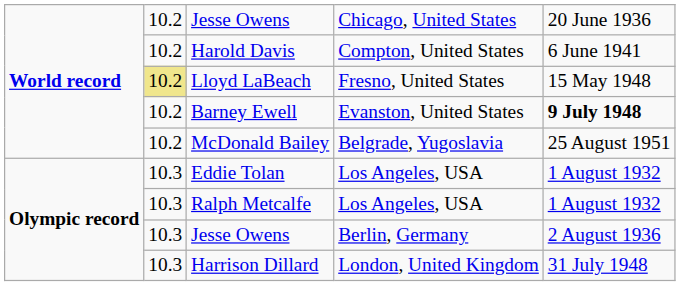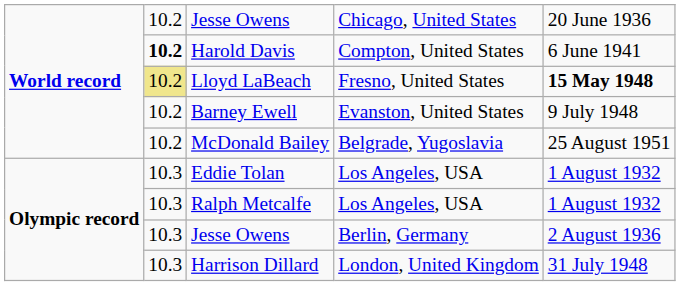 <table class="wikitable">
 <tr>
 <td rowspan=5><strong><a href='#'>World record</a></strong></td>
 <td align=center>10.2</td>
 <td> <a href='#'>Jesse Owens</a></td>
 <td><a href='#'>Chicago</a>, <a href='#'>United States</a></td>
 <td>20 June 1936</td>
 </tr>
 <tr>
-<td align=center>10.2</td>
+<td align=center><strong>10.2</strong></td>
 <td> <a href='#'>Harold Davis</a></td>
 <td><a href='#'>Compton</a>, United States</td>
 <td>6 June 1941</td>
 </tr>
 <tr>
 <td align=center style="background: khaki;">10.2</td>
 <td> <a href='#'>Lloyd LaBeach</a></td>
 <td><a href='#'>Fresno</a>, United States</td>
-<td>15 May 1948</td>
+<td><strong>15 May 1948</strong></td>
 </tr>
 <tr>
 <td align=center>10.2</td>
 <td> <a href='#'>Barney Ewell</a></td>
 <td><a href='#'>Evanston</a>, United States</td>
-<td><strong>9 July 1948</strong></td>
+<td>9 July 1948</td>
 </tr>
 <tr>
 <td align=center>10.2</td>
 <td> <a href='#'>McDonald Bailey</a></td>
 <td><a href='#'>Belgrade</a>, <a href='#'>Yugoslavia</a></td>
 <td>25 August 1951</td>
 </tr>
 <tr>
 <td rowspan=4><strong>Olympic record</strong></td>
 <td align=center>10.3</td>
 <td> <a href='#'>Eddie Tolan</a></td>
 <td><a href='#'>Los Angeles</a>, USA</td>
 <td><a href='#'>1 August 1932</a></td>
 </tr>
 <tr>
 <td align=center>10.3</td>
 <td> <a href='#'>Ralph Metcalfe</a></td>
 <td><a href='#'>Los Angeles</a>, USA</td>
 <td><a href='#'>1 August 1932</a></td>
 </tr>
 <tr>
 <td align=center>10.3</td>
 <td> <a href='#'>Jesse Owens</a></td>
 <td><a href='#'>Berlin</a>, <a href='#'>Germany</a></td>
 <td><a href='#'>2 August 1936</a></td>
 </tr>
 <tr>
 <td align=center>10.3</td>
 <td> <a href='#'>Harrison Dillard</a></td>
 <td><a href='#'>London</a>, <a href='#'>United Kingdom</a></td>
 <td><a href='#'>31 July 1948</a></td>
 </tr>
 </table>
